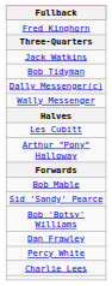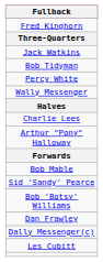 <table class="wikitable" style="float:right; font-size:90%; margin-left:1em;">
 <tr style="background:#f03;">
 <th style="width:130px;">Fullback</th>
 </tr>
 <tr align=center>
 <td><a href='#'>Fred Kinghorn</a></td>
 </tr>
 <tr align=center>
 <th style="width:130px;">Three-Quarters</th>
 </tr>
 <tr align=center>
 <td><a href='#'>Jack Watkins</a></td>
 </tr>
 <tr align=center>
 <td><a href='#'>Bob Tidyman</a></td>
 </tr>
 <tr align=center>
-<td><a href='#'>Dally Messenger(c)</a></td>
+<td><a href='#'>Percy White</a></td>
 </tr>
 <tr align=center>
 <td><a href='#'>Wally Messenger</a></td>
 </tr>
 <tr align=center>
 <th style="width:130px;">Halves</th>
 </tr>
 <tr align=center>
-<td><a href='#'>Les Cubitt</a></td>
+<td><a href='#'>Charlie Lees</a></td>
 </tr>
 <tr align=center>
 <td><a href='#'>Arthur "Pony" Halloway</a></td>
 </tr>
 <tr align=center>
 <th style="width:130px;">Forwards</th>
 </tr>
 <tr align=center>
 <td><a href='#'>Bob Mable</a></td>
 </tr>
 <tr align=center>
 <td><a href='#'>Sid 'Sandy' Pearce</a></td>
 </tr>
 <tr align=center>
 <td><a href='#'>Bob 'Botsy' Williams</a></td>
 </tr>
 <tr align=center>
 <td><a href='#'>Dan Frawley</a></td>
 </tr>
 <tr align=center>
-<td><a href='#'>Percy White</a></td>
+<td><a href='#'>Dally Messenger(c)</a></td>
 </tr>
 <tr align=center>
-<td><a href='#'>Charlie Lees</a></td>
+<td><a href='#'>Les Cubitt</a></td>
 </tr>
 <tr align=center>
 <td></td>
 </tr>
 </table>
